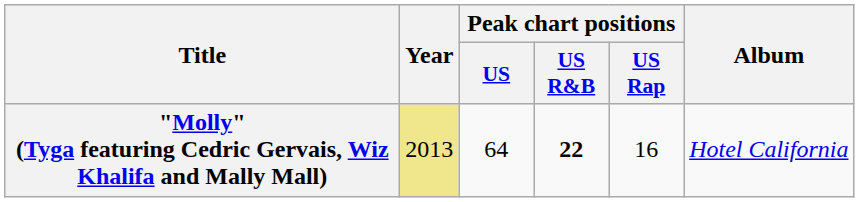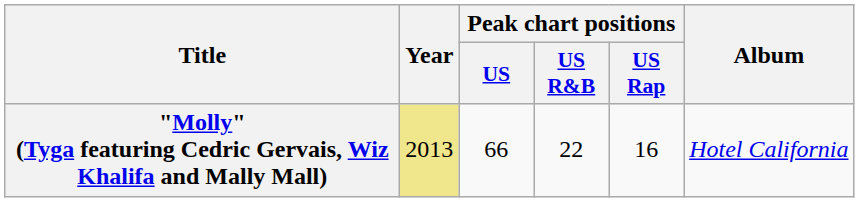 <table class="wikitable plainrowheaders" style="text-align:center;">
 <tr>
 <th scope="col" rowspan="2" style="width:16em;">Title</th>
 <th scope="col" rowspan="2">Year</th>
 <th scope="col" colspan="3">Peak chart positions</th>
 <th scope="col" rowspan="2">Album</th>
 </tr>
 <tr>
 <th scope="col" style="width:3em;font-size:90%;"><a href='#'>US</a><br></th>
 <th scope="col" style="width:3em;font-size:90%;"><a href='#'>US<br>R&B</a><br></th>
 <th scope="col" style="width:3em;font-size:90%;"><a href='#'>US<br>Rap</a><br></th>
 </tr>
 <tr>
 <th scope="row">"<a href='#'>Molly</a>"<br><span>(<a href='#'>Tyga</a> featuring Cedric Gervais, <a href='#'>Wiz Khalifa</a> and Mally Mall)</span></th>
 <td style="background: khaki;">2013</td>
-<td>64</td>
-<td><strong>22</strong></td>
+<td>66</td>
+<td>22</td>
 <td>16</td>
 <td><em><a href='#'>Hotel California</a></em></td>
 </tr>
 </table>
